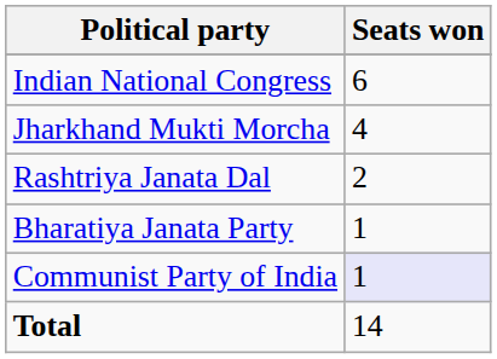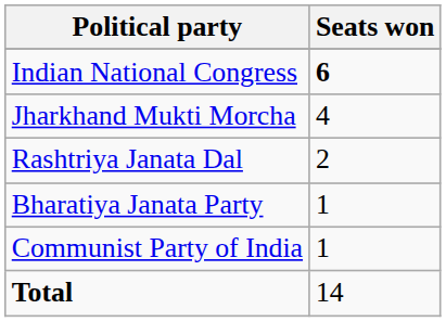 <table class="wikitable">
 <tr>
 <th>Political party</th>
 <th>Seats won</th>
 </tr>
 <tr>
 </tr>
 <tr>
 <td><a href='#'>Indian National Congress</a></td>
-<td>6</td>
+<td><strong>6</strong></td>
 </tr>
 <tr>
 <td><a href='#'>Jharkhand Mukti Morcha</a></td>
 <td>4</td>
 </tr>
 <tr>
 <td><a href='#'>Rashtriya Janata Dal</a></td>
 <td>2</td>
 </tr>
 <tr>
 <td><a href='#'>Bharatiya Janata Party</a></td>
 <td>1</td>
 </tr>
 <tr>
 <td><a href='#'>Communist Party of India</a></td>
-<td style="background: lavender;">1</td>
+<td>1</td>
 </tr>
 <tr>
 <td><strong>Total</strong></td>
 <td>14</td>
 </tr>
 </table>
